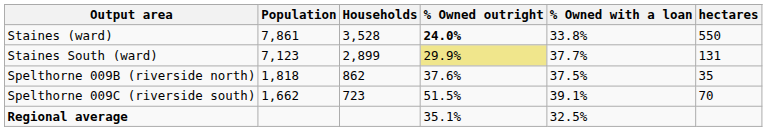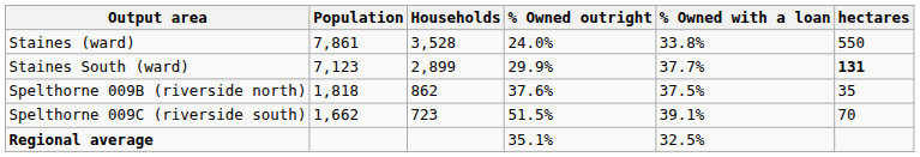 <table class="wikitable">
 <tr>
 </tr>
 <tr>
 <th>Output area</th>
 <th>Population</th>
 <th>Households</th>
 <th>% Owned outright</th>
 <th>% Owned with a loan</th>
 <th>hectares</th>
 </tr>
 <tr>
 <td>Staines (ward)</td>
 <td>7,861</td>
 <td>3,528</td>
-<td><strong>24.0%</strong></td>
+<td>24.0%</td>
 <td>33.8%</td>
 <td>550</td>
 </tr>
 <tr>
 <td>Staines South (ward)</td>
 <td>7,123</td>
 <td>2,899</td>
-<td style="background: khaki;">29.9%</td>
+<td>29.9%</td>
 <td>37.7%</td>
-<td>131</td>
+<td><strong>131</strong></td>
 </tr>
 <tr>
 <td>Spelthorne 009B (riverside north)</td>
 <td>1,818</td>
 <td>862</td>
 <td>37.6%</td>
 <td>37.5%</td>
 <td>35</td>
 </tr>
 <tr>
 <td>Spelthorne 009C (riverside south)</td>
 <td>1,662</td>
 <td>723</td>
 <td>51.5%</td>
 <td>39.1%</td>
 <td>70</td>
 </tr>
 <tr>
 <td><strong>Regional average</strong></td>
 <td></td>
 <td></td>
 <td>35.1%</td>
 <td>32.5%</td>
 <td></td>
 </tr>
 </table>
